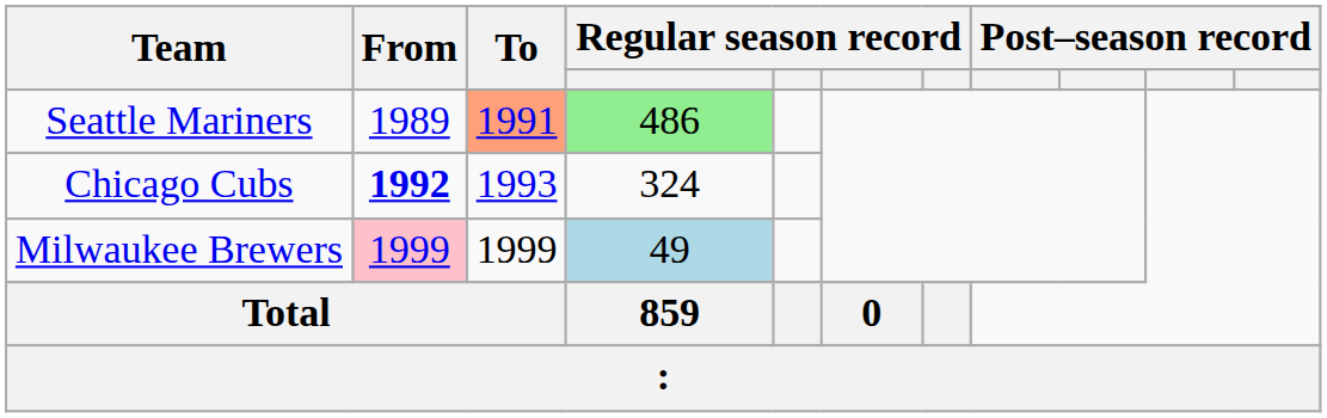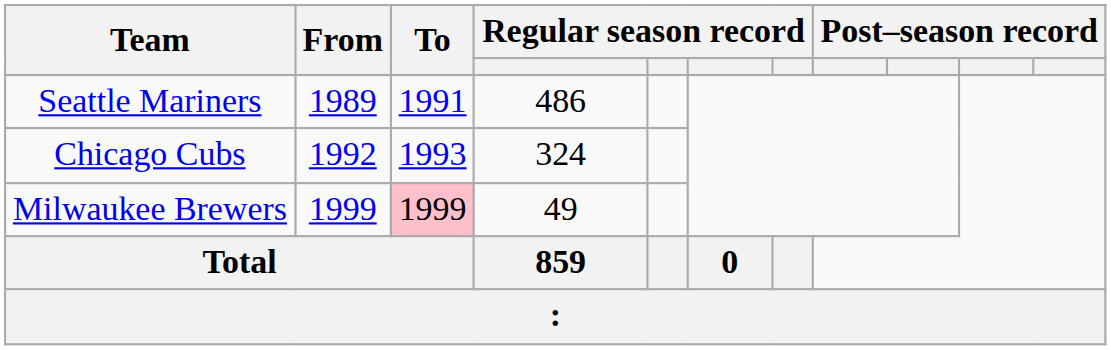 <table class="wikitable" Style="text-align: center">
 <tr>
 <th rowspan="2">Team</th>
 <th rowspan="2">From</th>
 <th rowspan="2">To</th>
 <th colspan="4">Regular season record</th>
 <th colspan="4">Post–season record</th>
 </tr>
 <tr>
 <th></th>
 <th></th>
 <th></th>
 <th></th>
 <th></th>
 <th></th>
 <th></th>
 <th></th>
 </tr>
 <tr>
 <td><a href='#'>Seattle Mariners</a></td>
 <td><a href='#'>1989</a></td>
-<td style="background: lightsalmon;"><a href='#'>1991</a></td>
-<td style="background: lightgreen;">486</td>
+<td><a href='#'>1991</a></td>
+<td>486</td>
 <td></td>
 <td rowspan="3" colspan="4"></td>
 </tr>
 <tr>
 <td><a href='#'>Chicago Cubs</a></td>
-<td><strong><a href='#'>1992</a></strong></td>
+<td><a href='#'>1992</a></td>
 <td><a href='#'>1993</a></td>
 <td>324</td>
 <td></td>
 </tr>
 <tr>
 <td><a href='#'>Milwaukee Brewers</a></td>
-<td style="background: pink;"><a href='#'>1999</a></td>
-<td>1999</td>
-<td style="background: lightblue;">49</td>
+<td><a href='#'>1999</a></td>
+<td style="background: pink;">1999</td>
+<td>49</td>
 <td></td>
 </tr>
 <tr>
 <th colspan="3">Total</th>
 <th>859</th>
 <th></th>
 <th>0</th>
 <th></th>
 </tr>
 <tr>
 <th colspan="11">:</th>
 </tr>
 </table>
